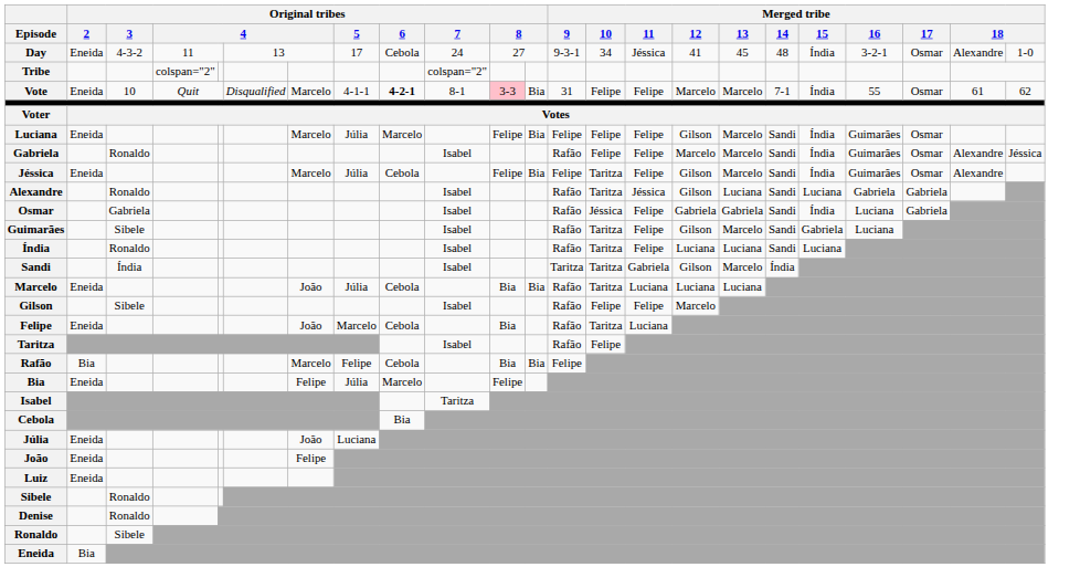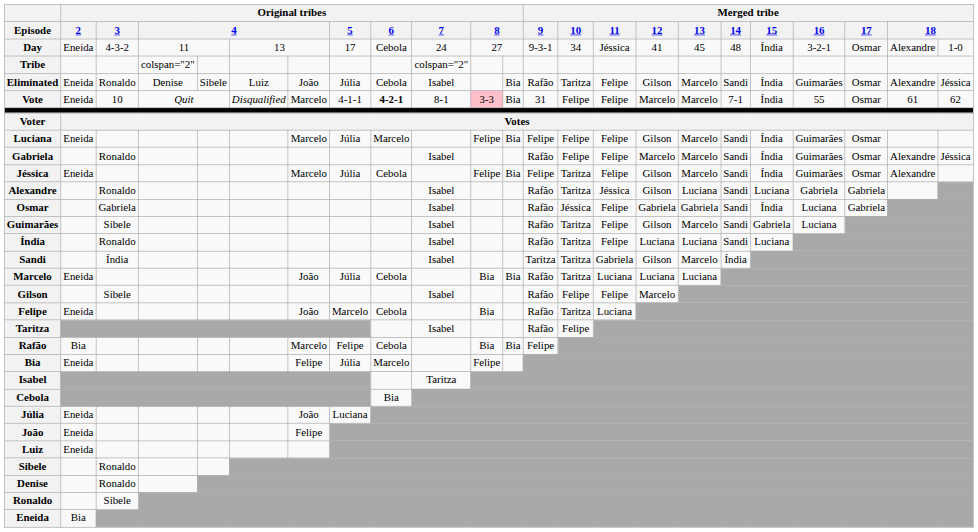 <table class="wikitable" style="text-align:center">
 <tr>
 <th></th>
 <th colspan="11">Original tribes</th>
 <th colspan="11">Merged tribe</th>
 </tr>
 <tr>
 <th>Episode</th>
 <th><a href='#'>2</a></th>
 <th><a href='#'>3</a></th>
 <th colspan="4"><a href='#'>4</a></th>
 <th><a href='#'>5</a></th>
 <th><a href='#'>6</a></th>
 <th><a href='#'>7</a></th>
 <th colspan="2"><a href='#'>8</a></th>
 <th><a href='#'>9</a></th>
 <th><a href='#'>10</a></th>
 <th><a href='#'>11</a></th>
 <th><a href='#'>12</a></th>
 <th><a href='#'>13</a></th>
 <th><a href='#'>14</a></th>
 <th><a href='#'>15</a></th>
 <th><a href='#'>16</a></th>
 <th><a href='#'>17</a></th>
 <th colspan="2"><a href='#'>18</a></th>
 </tr>
 <tr>
 <th>Day</th>
 <td>Eneida</td>
 <td>4-3-2</td>
 <td colspan="2">11</td>
 <td colspan="2">13</td>
 <td>17</td>
 <td>Cebola</td>
 <td>24</td>
 <td colspan="2">27</td>
 <td>9-3-1</td>
 <td>34</td>
 <td>Jéssica</td>
 <td>41</td>
 <td>45</td>
 <td>48</td>
 <td>Índia</td>
 <td>3-2-1</td>
 <td>Osmar</td>
 <td>Alexandre</td>
 <td>1-0</td>
 </tr>
 <tr>
 <th>Tribe</th>
 <td></td>
 <td></td>
 <td>colspan="2" </td>
 <td></td>
 <td></td>
 <td></td>
 <td></td>
 <td></td>
 <td>colspan="2" </td>
 <td></td>
 <td></td>
 <td></td>
 <td></td>
 <td></td>
 <td></td>
 <td></td>
 <td></td>
 <td></td>
 <td></td>
 <td></td>
+</tr>
+<tr>
+<th>Eliminated</th>
+<td>Eneida</td>
+<td>Ronaldo</td>
+<td>Denise</td>
+<td>Sibele</td>
+<td>Luiz</td>
+<td>João</td>
+<td>Júlia</td>
+<td>Cebola</td>
+<td>Isabel</td>
+<td></td>
+<td>Bia</td>
+<td>Rafão</td>
+<td>Taritza</td>
+<td>Felipe</td>
+<td>Gilson</td>
+<td>Marcelo</td>
+<td>Sandi</td>
+<td>Índia</td>
+<td>Guimarães</td>
+<td>Osmar</td>
+<td>Alexandre</td>
+<td>Jéssica</td>
 </tr>
 <tr>
 <th>Vote</th>
 <td>Eneida</td>
 <td>10</td>
 <td colspan="2"><em>Quit</em></td>
 <td><em>Disqualified</em></td>
 <td>Marcelo</td>
 <td>4-1-1</td>
 <td><strong>4-2-1</strong></td>
 <td>8-1</td>
 <td style="background: pink;">3-3</td>
 <td>Bia</td>
 <td>31</td>
 <td>Felipe</td>
 <td>Felipe</td>
 <td>Marcelo</td>
 <td>Marcelo</td>
 <td>7-1</td>
 <td>Índia</td>
 <td>55</td>
 <td>Osmar</td>
 <td>61</td>
 <td>62</td>
 </tr>
 <tr>
 <td colspan="23" bgcolor="black"></td>
 </tr>
 <tr>
 <th>Voter</th>
 <th colspan="22">Votes</th>
 </tr>
 <tr>
 <th>Luciana</th>
 <td>Eneida</td>
 <td></td>
 <td></td>
 <td></td>
 <td></td>
 <td>Marcelo</td>
 <td>Júlia</td>
 <td>Marcelo</td>
 <td></td>
 <td>Felipe</td>
 <td>Bia</td>
 <td>Felipe</td>
 <td>Felipe</td>
 <td>Felipe</td>
 <td>Gilson</td>
 <td>Marcelo</td>
 <td>Sandi</td>
 <td>Índia</td>
 <td>Guimarães</td>
 <td>Osmar</td>
 <td></td>
 <td></td>
 </tr>
 <tr>
 <th>Gabriela</th>
 <td></td>
 <td>Ronaldo</td>
 <td></td>
 <td></td>
 <td></td>
 <td></td>
 <td></td>
 <td></td>
 <td>Isabel</td>
 <td></td>
 <td></td>
 <td>Rafão</td>
 <td>Felipe</td>
 <td>Felipe</td>
 <td>Marcelo</td>
 <td>Marcelo</td>
 <td>Sandi</td>
 <td>Índia</td>
 <td>Guimarães</td>
 <td>Osmar</td>
 <td>Alexandre</td>
 <td>Jéssica</td>
 </tr>
 <tr>
 <th>Jéssica</th>
 <td>Eneida</td>
 <td></td>
 <td></td>
 <td></td>
 <td></td>
 <td>Marcelo</td>
 <td>Júlia</td>
 <td>Cebola</td>
 <td></td>
 <td>Felipe</td>
 <td>Bia</td>
 <td>Felipe</td>
 <td>Taritza</td>
 <td>Felipe</td>
 <td>Gilson</td>
 <td>Marcelo</td>
 <td>Sandi</td>
 <td>Índia</td>
 <td>Guimarães</td>
 <td>Osmar</td>
 <td>Alexandre</td>
 <td></td>
 </tr>
 <tr>
 <th>Alexandre</th>
 <td></td>
 <td>Ronaldo</td>
 <td></td>
 <td></td>
 <td></td>
 <td></td>
 <td></td>
 <td></td>
 <td>Isabel</td>
 <td></td>
 <td></td>
 <td>Rafão</td>
 <td>Taritza</td>
 <td>Jéssica</td>
 <td>Gilson</td>
 <td>Luciana</td>
 <td>Sandi</td>
 <td>Luciana</td>
 <td>Gabriela</td>
 <td>Gabriela</td>
 <td></td>
 <td bgcolor="darkgrey"></td>
 </tr>
 <tr>
 <th>Osmar</th>
 <td></td>
 <td>Gabriela</td>
 <td></td>
 <td></td>
 <td></td>
 <td></td>
 <td></td>
 <td></td>
 <td>Isabel</td>
 <td></td>
 <td></td>
 <td>Rafão</td>
 <td>Jéssica</td>
 <td>Felipe</td>
 <td>Gabriela</td>
 <td>Gabriela</td>
 <td>Sandi</td>
 <td>Índia</td>
 <td>Luciana</td>
 <td>Gabriela</td>
 <td colspan="2" bgcolor="darkgrey"></td>
 </tr>
 <tr>
 <th>Guimarães</th>
 <td></td>
 <td>Sibele</td>
 <td></td>
 <td></td>
 <td></td>
 <td></td>
 <td></td>
 <td></td>
 <td>Isabel</td>
 <td></td>
 <td></td>
 <td>Rafão</td>
 <td>Taritza</td>
 <td>Felipe</td>
 <td>Gilson</td>
 <td>Marcelo</td>
 <td>Sandi</td>
 <td>Gabriela</td>
 <td>Luciana</td>
 <td colspan="3" bgcolor="darkgrey"></td>
 </tr>
 <tr>
 <th>Índia</th>
 <td></td>
 <td>Ronaldo</td>
 <td></td>
 <td></td>
 <td></td>
 <td></td>
 <td></td>
 <td></td>
 <td>Isabel</td>
 <td></td>
 <td></td>
 <td>Rafão</td>
 <td>Taritza</td>
 <td>Felipe</td>
 <td>Luciana</td>
 <td>Luciana</td>
 <td>Sandi</td>
 <td>Luciana</td>
 <td colspan="4" bgcolor="darkgrey"></td>
 </tr>
 <tr>
 <th>Sandi</th>
 <td></td>
 <td>Índia</td>
 <td></td>
 <td></td>
 <td></td>
 <td></td>
 <td></td>
 <td></td>
 <td>Isabel</td>
 <td></td>
 <td></td>
 <td>Taritza</td>
 <td>Taritza</td>
 <td>Gabriela</td>
 <td>Gilson</td>
 <td>Marcelo</td>
 <td>Índia</td>
 <td colspan="5" bgcolor="darkgrey"></td>
 </tr>
 <tr>
 <th>Marcelo</th>
 <td>Eneida</td>
 <td></td>
 <td></td>
 <td></td>
 <td></td>
 <td>João</td>
 <td>Júlia</td>
 <td>Cebola</td>
 <td></td>
 <td>Bia</td>
 <td>Bia</td>
 <td>Rafão</td>
 <td>Taritza</td>
 <td>Luciana</td>
 <td>Luciana</td>
 <td>Luciana</td>
 <td colspan="6" bgcolor="darkgrey"></td>
 </tr>
 <tr>
 <th>Gilson</th>
 <td></td>
 <td>Sibele</td>
 <td></td>
 <td></td>
 <td></td>
 <td></td>
 <td></td>
 <td></td>
 <td>Isabel</td>
 <td></td>
 <td></td>
 <td>Rafão</td>
 <td>Felipe</td>
 <td>Felipe</td>
 <td>Marcelo</td>
 <td colspan="7" bgcolor="darkgrey"></td>
 </tr>
 <tr>
 <th>Felipe</th>
 <td>Eneida</td>
 <td></td>
 <td></td>
 <td></td>
 <td></td>
 <td>João</td>
 <td>Marcelo</td>
 <td>Cebola</td>
 <td></td>
 <td>Bia</td>
 <td></td>
 <td>Rafão</td>
 <td>Taritza</td>
 <td>Luciana</td>
 <td colspan="8" bgcolor="darkgrey"></td>
 </tr>
 <tr>
 <th>Taritza</th>
 <td colspan="7" bgcolor="darkgrey"></td>
 <td></td>
 <td>Isabel</td>
 <td></td>
 <td></td>
 <td>Rafão</td>
 <td>Felipe</td>
 <td colspan="9" bgcolor="darkgrey"></td>
 </tr>
 <tr>
 <th>Rafão</th>
 <td>Bia</td>
 <td></td>
 <td></td>
 <td></td>
 <td></td>
 <td>Marcelo</td>
 <td>Felipe</td>
 <td>Cebola</td>
 <td></td>
 <td>Bia</td>
 <td>Bia</td>
 <td>Felipe</td>
 <td colspan="10" bgcolor="darkgrey"></td>
 </tr>
 <tr>
 <th>Bia</th>
 <td>Eneida</td>
 <td></td>
 <td></td>
 <td></td>
 <td></td>
 <td>Felipe</td>
 <td>Júlia</td>
 <td>Marcelo</td>
 <td></td>
 <td>Felipe</td>
 <td></td>
 <td colspan="11" bgcolor="darkgrey"></td>
 </tr>
 <tr>
 <th>Isabel</th>
 <td colspan="7" bgcolor="darkgrey"></td>
 <td></td>
 <td>Taritza</td>
 <td colspan="13" bgcolor="darkgrey"></td>
 </tr>
 <tr>
 <th>Cebola</th>
 <td colspan="7" bgcolor="darkgrey"></td>
 <td>Bia</td>
 <td colspan="14" bgcolor="darkgrey"></td>
 </tr>
 <tr>
 <th>Júlia</th>
 <td>Eneida</td>
 <td></td>
 <td></td>
 <td></td>
 <td></td>
 <td>João</td>
 <td>Luciana</td>
 <td colspan="15" bgcolor="darkgrey"></td>
 </tr>
 <tr>
 <th>João</th>
 <td>Eneida</td>
 <td></td>
 <td></td>
 <td></td>
 <td></td>
 <td>Felipe</td>
 <td colspan="16" bgcolor="darkgrey"></td>
 </tr>
 <tr>
 <th>Luiz</th>
 <td>Eneida</td>
 <td></td>
 <td></td>
 <td></td>
 <td></td>
 <td></td>
 <td colspan="16" bgcolor="darkgrey"></td>
 </tr>
 <tr>
 <th>Sibele</th>
 <td></td>
 <td>Ronaldo</td>
 <td></td>
 <td></td>
 <td colspan="18" bgcolor="darkgrey"></td>
 </tr>
 <tr>
 <th>Denise</th>
 <td></td>
 <td>Ronaldo</td>
 <td></td>
 <td colspan="19" bgcolor="darkgrey"></td>
 </tr>
 <tr>
 <th>Ronaldo</th>
 <td></td>
 <td>Sibele</td>
 <td colspan="20" bgcolor="darkgrey"></td>
 </tr>
 <tr>
 <th>Eneida</th>
 <td>Bia</td>
 <td colspan="21" bgcolor="darkgrey"></td>
 </tr>
 </table>
